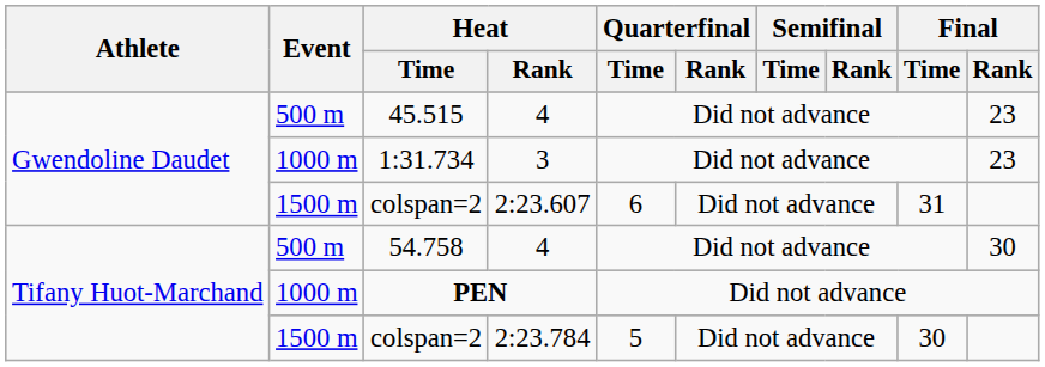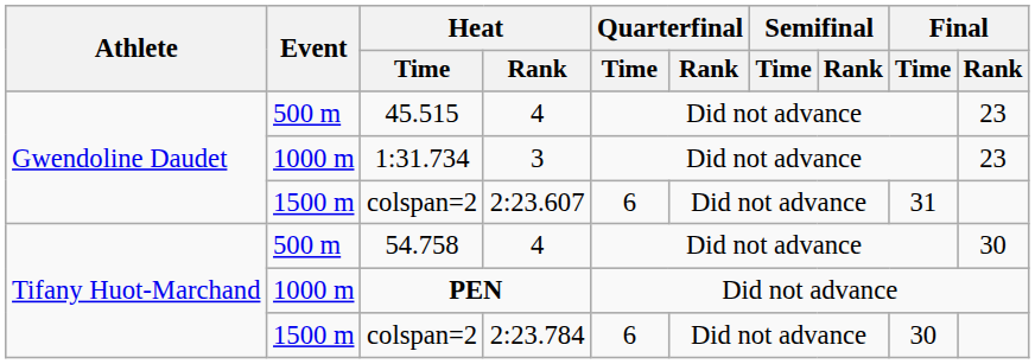 <table class="wikitable" style="font-size:90%">
 <tr>
 <th rowspan=2>Athlete</th>
 <th rowspan=2>Event</th>
 <th colspan=2>Heat</th>
 <th colspan=2>Quarterfinal</th>
 <th colspan=2>Semifinal</th>
 <th colspan=2>Final</th>
 </tr>
 <tr style="font-size:95%">
 <th>Time</th>
 <th>Rank</th>
 <th>Time</th>
 <th>Rank</th>
 <th>Time</th>
 <th>Rank</th>
 <th>Time</th>
 <th>Rank</th>
 </tr>
 <tr align=center>
 <td align=left rowspan=3><a href='#'>Gwendoline Daudet</a></td>
 <td align=left><a href='#'>500 m</a></td>
 <td>45.515</td>
 <td>4</td>
 <td colspan=5>Did not advance</td>
 <td>23</td>
 </tr>
 <tr align=center>
 <td align=left><a href='#'>1000 m</a></td>
 <td>1:31.734</td>
 <td>3</td>
 <td colspan=5>Did not advance</td>
 <td>23</td>
 </tr>
 <tr align=center>
 <td align=left><a href='#'>1500 m</a></td>
 <td>colspan=2 </td>
 <td>2:23.607</td>
 <td>6</td>
 <td colspan=3>Did not advance</td>
 <td>31</td>
 </tr>
 <tr align=center>
 <td align=left rowspan=3><a href='#'>Tifany Huot-Marchand</a></td>
 <td align=left><a href='#'>500 m</a></td>
 <td>54.758</td>
 <td>4</td>
 <td colspan=5>Did not advance</td>
 <td>30</td>
 </tr>
 <tr align=center>
 <td align=left><a href='#'>1000 m</a></td>
 <td colspan=2><strong>PEN</strong></td>
 <td colspan=6>Did not advance</td>
 </tr>
 <tr align=center>
 <td align=left><a href='#'>1500 m</a></td>
 <td>colspan=2 </td>
 <td>2:23.784</td>
-<td>5</td>
+<td>6</td>
 <td colspan=3>Did not advance</td>
 <td>30</td>
 </tr>
 </table>
